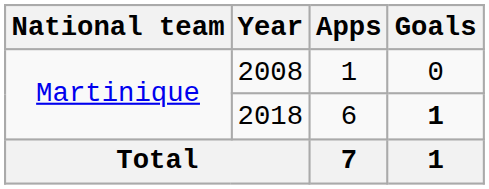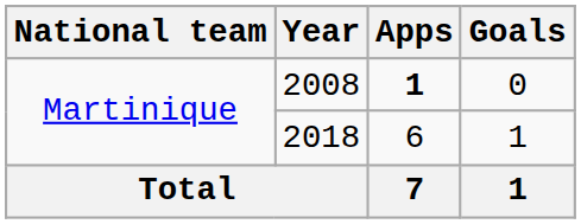 <table class="wikitable" style="text-align:center">
 <tr>
 <th>National team</th>
 <th>Year</th>
 <th>Apps</th>
 <th>Goals</th>
 </tr>
 <tr>
 <td rowspan="2"><a href='#'>Martinique</a></td>
 <td>2008</td>
-<td>1</td>
+<td><strong>1</strong></td>
 <td>0</td>
 </tr>
 <tr>
 <td>2018</td>
 <td>6</td>
-<td><strong>1</strong></td>
+<td>1</td>
 </tr>
 <tr>
 <th colspan=2>Total</th>
 <th>7</th>
 <th>1</th>
 </tr>
 </table>
